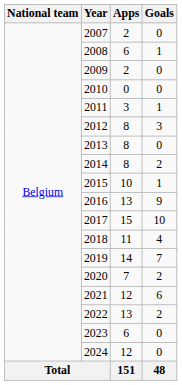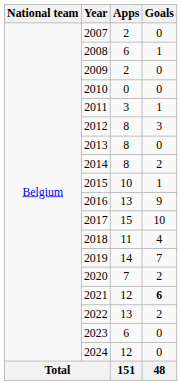 <table class="wikitable" style="text-align:center">
 <tr>
 <th>National team</th>
 <th>Year</th>
 <th>Apps</th>
 <th>Goals</th>
 </tr>
 <tr>
 <td rowspan="18"><a href='#'>Belgium</a></td>
 <td>2007</td>
 <td>2</td>
 <td>0</td>
 </tr>
 <tr>
 <td>2008</td>
 <td>6</td>
 <td>1</td>
 </tr>
 <tr>
 <td>2009</td>
 <td>2</td>
 <td>0</td>
 </tr>
 <tr>
 <td>2010</td>
 <td>0</td>
 <td>0</td>
 </tr>
 <tr>
 <td>2011</td>
 <td>3</td>
 <td>1</td>
 </tr>
 <tr>
 <td>2012</td>
 <td>8</td>
 <td>3</td>
 </tr>
 <tr>
 <td>2013</td>
 <td>8</td>
 <td>0</td>
 </tr>
 <tr>
 <td>2014</td>
 <td>8</td>
 <td>2</td>
 </tr>
 <tr>
 <td>2015</td>
 <td>10</td>
 <td>1</td>
 </tr>
 <tr>
 <td>2016</td>
 <td>13</td>
 <td>9</td>
 </tr>
 <tr>
 <td>2017</td>
 <td>15</td>
 <td>10</td>
 </tr>
 <tr>
 <td>2018</td>
 <td>11</td>
 <td>4</td>
 </tr>
 <tr>
 <td>2019</td>
 <td>14</td>
 <td>7</td>
 </tr>
 <tr>
 <td>2020</td>
 <td>7</td>
 <td>2</td>
 </tr>
 <tr>
 <td>2021</td>
 <td>12</td>
-<td>6</td>
+<td><strong>6</strong></td>
 </tr>
 <tr>
 <td>2022</td>
 <td>13</td>
 <td>2</td>
 </tr>
 <tr>
 <td>2023</td>
 <td>6</td>
 <td>0</td>
 </tr>
 <tr>
 <td>2024</td>
 <td>12</td>
 <td>0</td>
 </tr>
 <tr>
 <th colspan="2">Total</th>
 <th>151</th>
 <th>48</th>
 </tr>
 </table>
